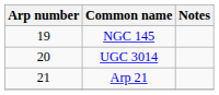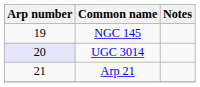 <table class="wikitable" style="text-align:center;">
 <tr>
 <th>Arp number</th>
 <th>Common name</th>
 <th>Notes</th>
 </tr>
 <tr>
 <td>19</td>
 <td><a href='#'>NGC 145</a></td>
 <td></td>
 </tr>
 <tr>
-<td>20</td>
+<td style="background: lavender;">20</td>
 <td><a href='#'>UGC 3014</a></td>
 <td></td>
 </tr>
 <tr>
 <td>21</td>
 <td><a href='#'>Arp 21</a></td>
 <td></td>
 </tr>
 <tr>
 </tr>
 </table>
